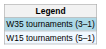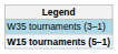 <table class="wikitable" style="font-size:85%">
 <tr>
 <th>Legend</th>
 </tr>
 <tr style="background:lightblue;">
 <td>W35 tournaments (3–1)</td>
 </tr>
 <tr style="background:#f0f8ff;">
-<td>W15 tournaments (5–1)</td>
+<td><strong>W15 tournaments (5–1)</strong></td>
 </tr>
 </table>
